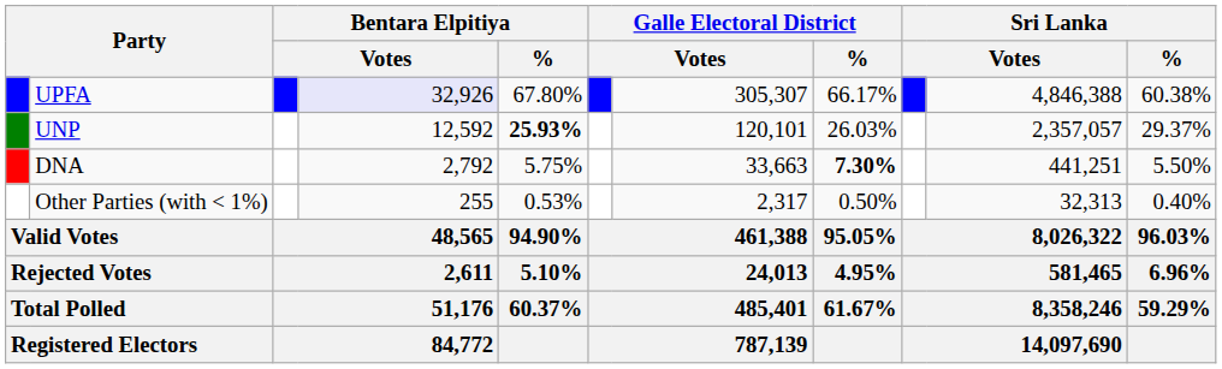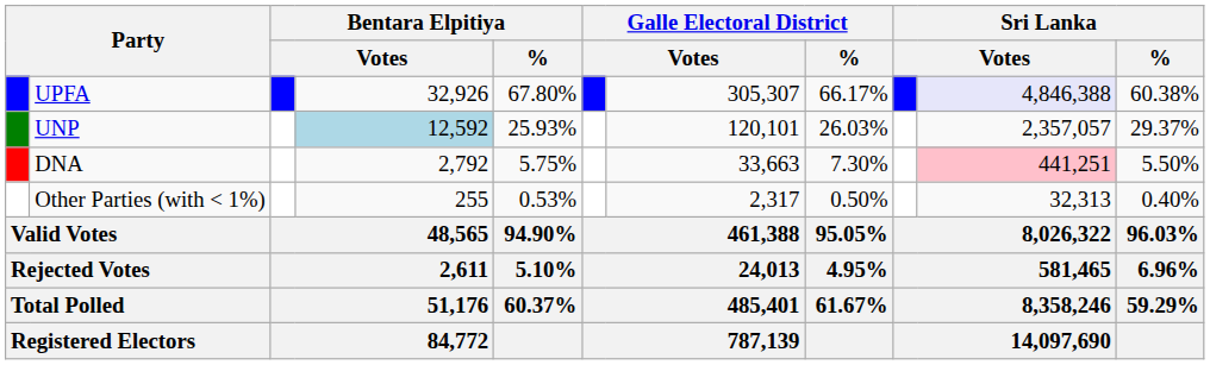 <table class="wikitable">
 <tr>
 <th colspan="2" width="144px"rowspan="2">Party</th>
 <th colspan="3" width="216px">Bentara Elpitiya</th>
 <th colspan="3" width="216px"><a href='#'>Galle Electoral District</a></th>
 <th colspan="3" width="216px">Sri Lanka</th>
 </tr>
 <tr>
 <th colspan="2" width="144px">Votes</th>
 <th>%</th>
 <th colspan="2" width="144px">Votes</th>
 <th>%</th>
 <th colspan="2" width="144px">Votes</th>
 <th>%</th>
 </tr>
 <tr>
 <td style="background-color:blue;" width="10px"></td>
 <td style="text-align:left;"><a href='#'>UPFA</a></td>
 <td style="background-color:blue;" width="10px"></td>
-<td style="background: lavender; text-align:right;">32,926</td>
+<td style="text-align:right;">32,926</td>
 <td style="text-align:right;">67.80%</td>
 <td style="background-color:blue;" width="10px"></td>
 <td style="text-align:right;">305,307</td>
 <td style="text-align:right;">66.17%</td>
 <td style="background-color:blue;" width="10px"></td>
-<td style="text-align:right;">4,846,388</td>
+<td style="background: lavender; text-align:right;">4,846,388</td>
 <td style="text-align:right;">60.38%</td>
 </tr>
 <tr>
 <td style="background-color:green;" width="10px"></td>
 <td style="text-align:left;"><a href='#'>UNP</a></td>
 <td style="background-color:white;" width="10px"></td>
-<td style="text-align:right;">12,592</td>
-<td style="text-align:right;"><strong>25.93%</strong></td>
+<td style="background: lightblue; text-align:right;">12,592</td>
+<td style="text-align:right;">25.93%</td>
 <td style="background-color:white;" width="10px"></td>
 <td style="text-align:right;">120,101</td>
 <td style="text-align:right;">26.03%</td>
 <td style="background-color:white;" width="10px"></td>
 <td style="text-align:right;">2,357,057</td>
 <td style="text-align:right;">29.37%</td>
 </tr>
 <tr>
 <td style="background-color:red;" width="10px"></td>
 <td style="text-align:left;">DNA</td>
 <td style="background-color:white;" width="10px"></td>
 <td style="text-align:right;">2,792</td>
 <td style="text-align:right;">5.75%</td>
 <td style="background-color:white;" width="10px"></td>
 <td style="text-align:right;">33,663</td>
-<td style="text-align:right;"><strong>7.30%</strong></td>
+<td style="text-align:right;">7.30%</td>
 <td style="background-color:white;" width="10px"></td>
-<td style="text-align:right;">441,251</td>
+<td style="background: pink; text-align:right;">441,251</td>
 <td style="text-align:right;">5.50%</td>
 </tr>
 <tr>
 <td style="background-color:white;" width="10px"></td>
 <td style="text-align:left;">Other Parties (with < 1%)</td>
 <td style="background-color:white;" width="10px"></td>
 <td style="text-align:right;">255</td>
 <td style="text-align:right;">0.53%</td>
 <td style="background-color:white;" width="10px"></td>
 <td style="text-align:right;">2,317</td>
 <td style="text-align:right;">0.50%</td>
 <td style="background-color:white;" width="10px"></td>
 <td style="text-align:right;">32,313</td>
 <td style="text-align:right;">0.40%</td>
 </tr>
 <tr>
 <th colspan="2" width="144px"style="text-align:left;">Valid Votes</th>
 <th style="text-align:right;"colspan="2" width="144px">48,565</th>
 <th style="text-align:right;">94.90%</th>
 <th style="text-align:right;"colspan="2" width="144px">461,388</th>
 <th style="text-align:right;">95.05%</th>
 <th style="text-align:right;"colspan="2" width="144px">8,026,322</th>
 <th style="text-align:right;">96.03%</th>
 </tr>
 <tr>
 <th colspan="2" width="144px"style="text-align:left;">Rejected Votes</th>
 <th style="text-align:right;"colspan="2" width="144px">2,611</th>
 <th style="text-align:right;">5.10%</th>
 <th style="text-align:right;"colspan="2" width="144px">24,013</th>
 <th style="text-align:right;">4.95%</th>
 <th style="text-align:right;"colspan="2" width="144px">581,465</th>
 <th style="text-align:right;">6.96%</th>
 </tr>
 <tr>
 <th colspan="2" width="144px"style="text-align:left;">Total Polled</th>
 <th style="text-align:right;"colspan="2" width="144px">51,176</th>
 <th style="text-align:right;">60.37%</th>
 <th style="text-align:right;"colspan="2" width="144px">485,401</th>
 <th style="text-align:right;">61.67%</th>
 <th style="text-align:right;"colspan="2" width="144px">8,358,246</th>
 <th style="text-align:right;">59.29%</th>
 </tr>
 <tr>
 <th colspan="2" width="144px"style="text-align:left;">Registered Electors</th>
 <th style="text-align:right;"colspan="2" width="144px">84,772</th>
 <th></th>
 <th style="text-align:right;"colspan="2" width="144px">787,139</th>
 <th></th>
 <th style="text-align:right;"colspan="2" width="144px">14,097,690</th>
 <th></th>
 </tr>
 </table>
